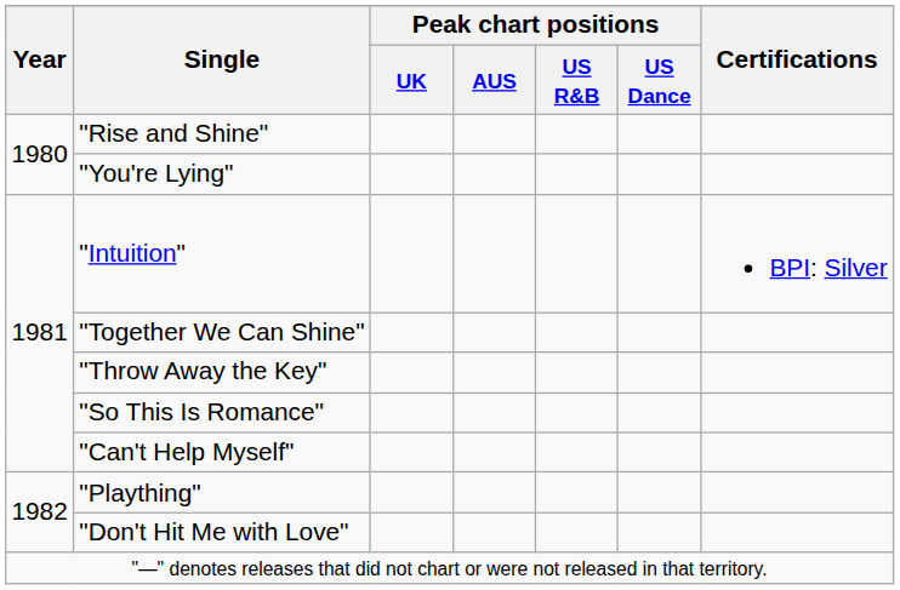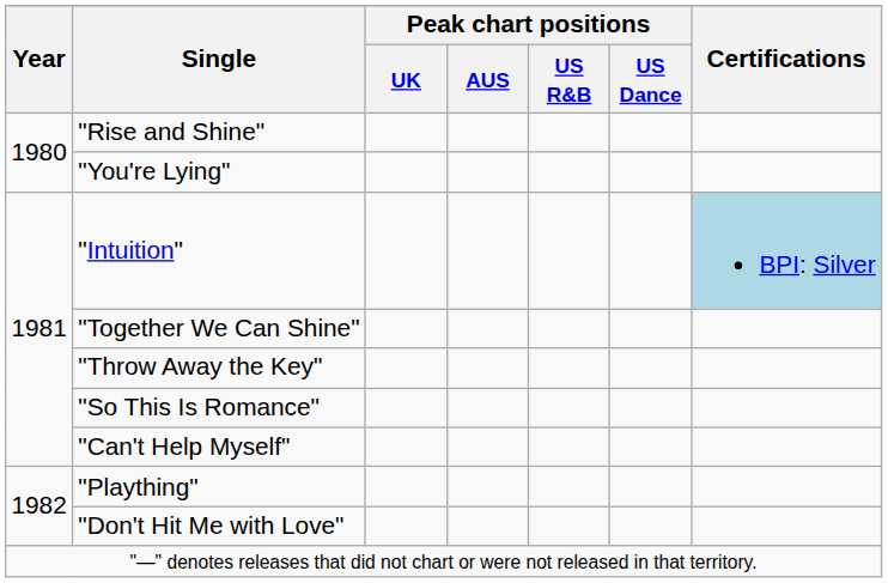 <table class="wikitable">
 <tr>
 </tr>
 <tr>
 <th scope="col" rowspan="2">Year</th>
 <th scope="col" rowspan="2">Single</th>
 <th scope="col" colspan="4">Peak chart positions</th>
 <th scope="col" rowspan="2">Certifications</th>
 </tr>
 <tr>
 <th style="width:45px;"><small><a href='#'>UK</a></small><br></th>
 <th style="width:45px;"><small><a href='#'>AUS</a></small><br></th>
 <th style="width:45px;"><small><a href='#'>US R&B</a></small><br></th>
 <th style="width:45px;"><small><a href='#'>US Dance</a></small><br></th>
 </tr>
 <tr>
 <td rowspan="2">1980</td>
 <td>"Rise and Shine"</td>
 <td></td>
 <td></td>
 <td></td>
 <td></td>
 <td></td>
 </tr>
 <tr>
 <td>"You're Lying"</td>
 <td></td>
 <td></td>
 <td></td>
 <td></td>
 <td></td>
 </tr>
 <tr>
 <td rowspan="5">1981</td>
 <td>"<a href='#'>Intuition</a>"</td>
 <td></td>
 <td></td>
 <td></td>
 <td></td>
-<td><br><ul><li><a href='#'>BPI</a>: <a href='#'>Silver</a></li></ul></td>
+<td style="background: lightblue;"><br><ul><li><a href='#'>BPI</a>: <a href='#'>Silver</a></li></ul></td>
 </tr>
 <tr>
 <td>"Together We Can Shine"</td>
 <td></td>
 <td></td>
 <td></td>
 <td></td>
 <td></td>
 </tr>
 <tr>
 <td>"Throw Away the Key"</td>
 <td></td>
 <td></td>
 <td></td>
 <td></td>
 <td></td>
 </tr>
 <tr>
 <td>"So This Is Romance"</td>
 <td></td>
 <td></td>
 <td></td>
 <td></td>
 <td></td>
 </tr>
 <tr>
 <td>"Can't Help Myself"</td>
 <td></td>
 <td></td>
 <td></td>
 <td></td>
 <td></td>
 </tr>
 <tr>
 <td rowspan="2">1982</td>
 <td>"Plaything"</td>
 <td></td>
 <td></td>
 <td></td>
 <td></td>
 <td></td>
 </tr>
 <tr>
 <td>"Don't Hit Me with Love"</td>
 <td></td>
 <td></td>
 <td></td>
 <td></td>
 <td></td>
 </tr>
 <tr>
 <td colspan="8" style="text-align:center; font-size:9pt;">"—" denotes releases that did not chart or were not released in that territory.</td>
 </tr>
 </table>
